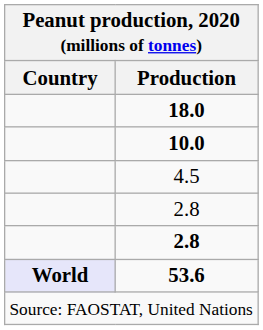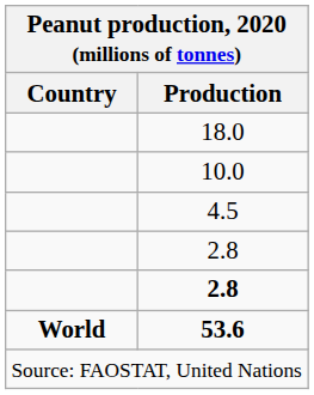 <table class="wikitable floatright">
 <tr>
 <th colspan="2">Peanut production, 2020<br><small>(millions of <a href='#'>tonnes</a>)</small></th>
 </tr>
 <tr>
 <th>Country</th>
 <th>Production</th>
 </tr>
 <tr style="text-align: center;">
 <td></td>
-<td style="text-align: center;"><strong>18.0</strong></td>
+<td style="text-align: center;">18.0</td>
 </tr>
 <tr style="text-align: center;">
 <td></td>
-<td style="text-align: center;"><strong>10.0</strong></td>
+<td style="text-align: center;">10.0</td>
 </tr>
 <tr style="text-align: center;">
 <td></td>
 <td style="text-align: center;">4.5</td>
 </tr>
 <tr style="text-align: center;">
 <td></td>
 <td style="text-align: center;">2.8</td>
 </tr>
 <tr style="text-align: center;">
 <td></td>
 <td style="text-align: center;"><strong>2.8</strong></td>
 </tr>
 <tr style="text-align: center;">
-<td style="background: lavender;"><strong>World</strong></td>
+<td><strong>World</strong></td>
 <td style="text-align: center;"><strong>53.6</strong></td>
 </tr>
 <tr>
 <td colspan="2" style="text-align: center;"><small>Source: FAOSTAT, United Nations</small></td>
 </tr>
 </table>
